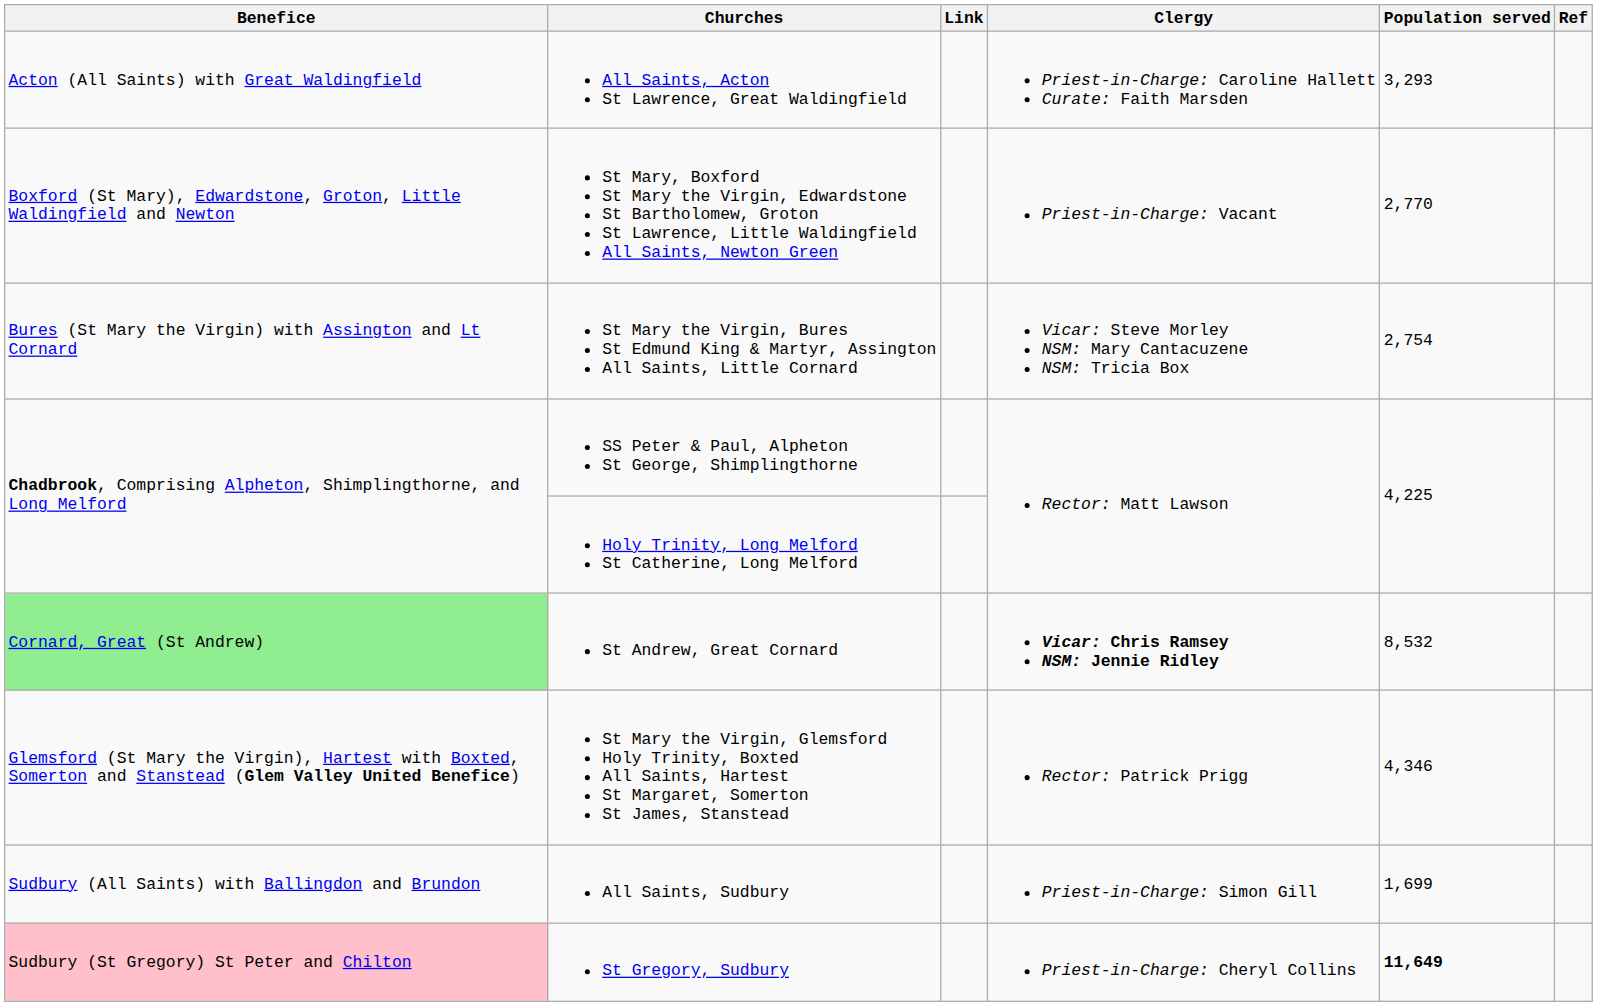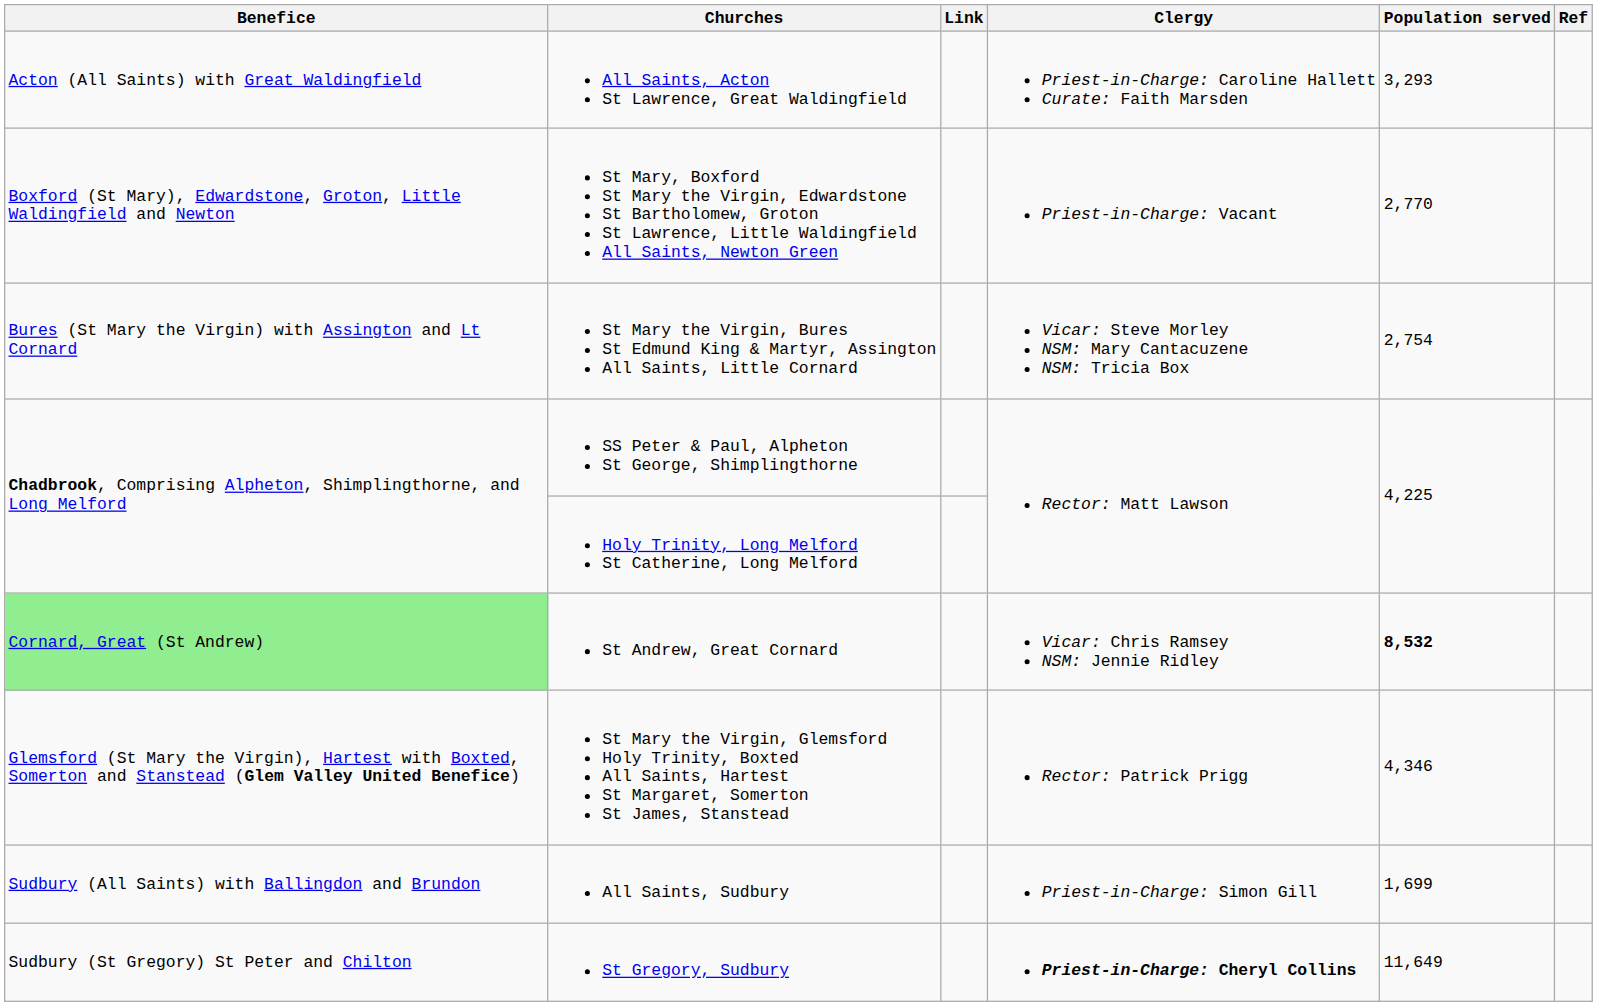 <table class="wikitable">
 <tr>
 <th width="425">Benefice</th>
 <th>Churches</th>
 <th>Link</th>
 <th>Clergy</th>
 <th>Population served</th>
 <th>Ref</th>
 </tr>
 <tr>
 <td><a href='#'>Acton</a> (All Saints) with <a href='#'>Great Waldingfield</a></td>
 <td><br><ul><li><a href='#'>All Saints, Acton</a></li><li>St Lawrence, Great Waldingfield</li></ul></td>
 <td></td>
 <td><br><ul><li><em>Priest-in-Charge:</em> Caroline Hallett</li><li><em>Curate:</em> Faith Marsden</li></ul></td>
 <td>3,293</td>
 <td></td>
 </tr>
 <tr>
 <td><a href='#'>Boxford</a> (St Mary), <a href='#'>Edwardstone</a>, <a href='#'>Groton</a>, <a href='#'>Little Waldingfield</a> and <a href='#'>Newton</a></td>
 <td><br><ul><li>St Mary, Boxford</li><li>St Mary the Virgin, Edwardstone</li><li>St Bartholomew, Groton</li><li>St Lawrence, Little Waldingfield</li><li><a href='#'>All Saints, Newton Green</a></li></ul></td>
 <td></td>
 <td><br><ul><li><em>Priest-in-Charge:</em> Vacant</li></ul></td>
 <td>2,770</td>
 <td></td>
 </tr>
 <tr>
 <td><a href='#'>Bures</a> (St Mary the Virgin) with <a href='#'>Assington</a> and <a href='#'>Lt Cornard</a></td>
 <td><br><ul><li>St Mary the Virgin, Bures</li><li>St Edmund King & Martyr, Assington</li><li>All Saints, Little Cornard</li></ul></td>
 <td></td>
 <td><br><ul><li><em>Vicar:</em> Steve Morley</li><li><em>NSM:</em> Mary Cantacuzene</li><li><em>NSM:</em> Tricia Box</li></ul></td>
 <td>2,754</td>
 <td></td>
 </tr>
 <tr>
 <td rowspan="2"><strong>Chadbrook</strong>, Comprising <a href='#'>Alpheton</a>, Shimplingthorne, and <a href='#'>Long Melford</a></td>
 <td><br><ul><li>SS Peter & Paul, Alpheton</li><li>St George, Shimplingthorne</li></ul></td>
 <td></td>
 <td rowspan="2"><br><ul><li><em>Rector:</em> Matt Lawson</li></ul></td>
 <td rowspan="2">4,225</td>
 <td rowspan="2"></td>
 </tr>
 <tr>
 <td><br><ul><li><a href='#'>Holy Trinity, Long Melford</a></li><li>St Catherine, Long Melford</li></ul></td>
 <td></td>
 </tr>
 <tr>
 <td style="background: lightgreen;"><a href='#'>Cornard, Great</a> (St Andrew)</td>
 <td><br><ul><li>St Andrew, Great Cornard</li></ul></td>
 <td></td>
-<td><strong><br><ul><li><em>Vicar:</em> Chris Ramsey</li><li><em>NSM:</em> Jennie Ridley</li></ul></strong></td>
-<td>8,532</td>
+<td><br><ul><li><em>Vicar:</em> Chris Ramsey</li><li><em>NSM:</em> Jennie Ridley</li></ul></td>
+<td><strong>8,532</strong></td>
 <td></td>
 </tr>
 <tr>
 <td><a href='#'>Glemsford</a> (St Mary the Virgin), <a href='#'>Hartest</a> with <a href='#'>Boxted</a>, <a href='#'>Somerton</a> and <a href='#'>Stanstead</a> (<strong>Glem Valley United Benefice</strong>)</td>
 <td><br><ul><li>St Mary the Virgin, Glemsford</li><li>Holy Trinity, Boxted</li><li>All Saints, Hartest</li><li>St Margaret, Somerton</li><li>St James, Stanstead</li></ul></td>
 <td></td>
 <td><br><ul><li><em>Rector:</em> Patrick Prigg</li></ul></td>
 <td>4,346</td>
 <td></td>
 </tr>
 <tr>
 <td><a href='#'>Sudbury</a> (All Saints) with <a href='#'>Ballingdon</a> and <a href='#'>Brundon</a></td>
 <td><br><ul><li>All Saints, Sudbury</li></ul></td>
 <td></td>
 <td><br><ul><li><em>Priest-in-Charge:</em> Simon Gill</li></ul></td>
 <td>1,699</td>
 <td></td>
 </tr>
 <tr>
-<td style="background: pink;">Sudbury (St Gregory) St Peter and <a href='#'>Chilton</a></td>
+<td>Sudbury (St Gregory) St Peter and <a href='#'>Chilton</a></td>
 <td><br><ul><li><a href='#'>St Gregory, Sudbury</a></li></ul></td>
 <td></td>
-<td><br><ul><li><em>Priest-in-Charge:</em> Cheryl Collins</li></ul></td>
-<td><strong>11,649</strong></td>
+<td><strong><br><ul><li><em>Priest-in-Charge:</em> Cheryl Collins</li></ul></strong></td>
+<td>11,649</td>
 <td></td>
 </tr>
 </table>
